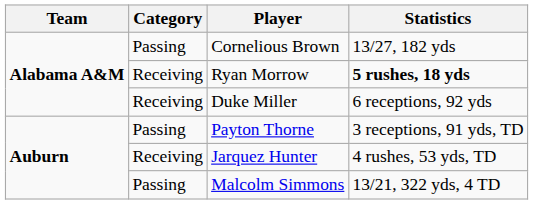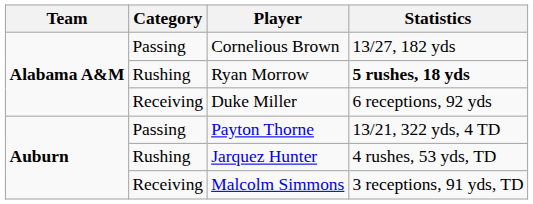 <table class="wikitable" style="float: right;">
 <tr>
 <th>Team</th>
 <th>Category</th>
 <th>Player</th>
 <th>Statistics</th>
 </tr>
 <tr>
 <td rowspan=3><strong>Alabama A&M</strong></td>
 <td>Passing</td>
 <td>Cornelious Brown</td>
 <td>13/27, 182 yds</td>
 </tr>
 <tr>
-<td>Receiving</td>
+<td>Rushing</td>
 <td>Ryan Morrow</td>
 <td><strong>5 rushes, 18 yds</strong></td>
 </tr>
 <tr>
 <td>Receiving</td>
 <td>Duke Miller</td>
 <td>6 receptions, 92 yds</td>
 </tr>
 <tr>
 <td rowspan=3><strong>Auburn</strong></td>
 <td>Passing</td>
 <td><a href='#'>Payton Thorne</a></td>
-<td>3 receptions, 91 yds, TD</td>
+<td>13/21, 322 yds, 4 TD</td>
 </tr>
 <tr>
-<td>Receiving</td>
+<td>Rushing</td>
 <td><a href='#'>Jarquez Hunter</a></td>
 <td>4 rushes, 53 yds, TD</td>
 </tr>
 <tr>
-<td>Passing</td>
+<td>Receiving</td>
 <td><a href='#'>Malcolm Simmons</a></td>
-<td>13/21, 322 yds, 4 TD</td>
+<td>3 receptions, 91 yds, TD</td>
 </tr>
 </table>
